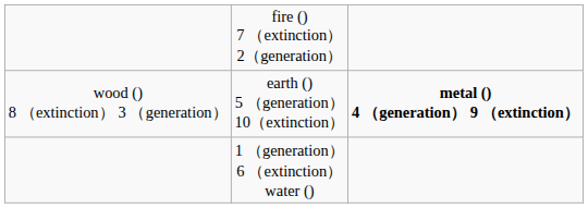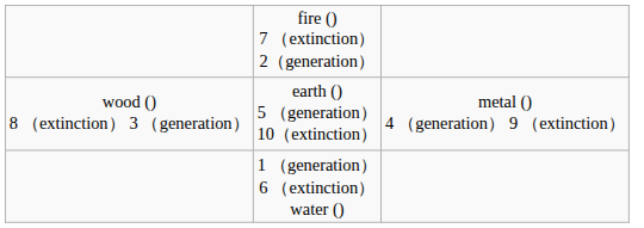 <table class="wikitable">
 <tr ----- style="text-align:center">
 <td></td>
 <td>fire ()<br>7 （extinction）<br>2（generation）</td>
 <td></td>
 </tr>
 <tr ----- style="text-align:center">
 <td>wood ()<br>8 （extinction） 3 （generation）</td>
 <td>earth ()<br>5 （generation）<br>10（extinction）</td>
-<td><strong>metal ()<br>4 （generation） 9 （extinction）</strong></td>
+<td>metal ()<br>4 （generation） 9 （extinction）</td>
 </tr>
 <tr ----- style="text-align:center">
 <td></td>
 <td>1 （generation）<br>6 （extinction）<br>water ()</td>
 <td></td>
 </tr>
 </table>
